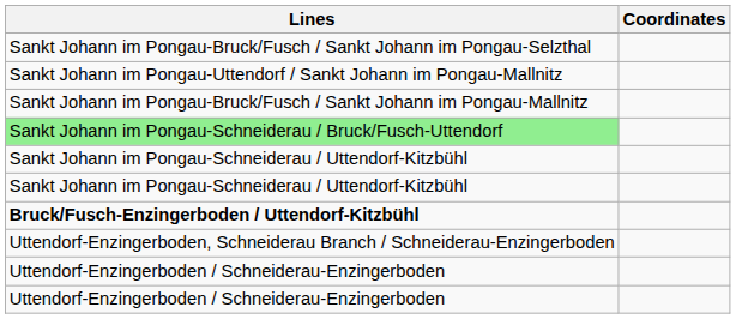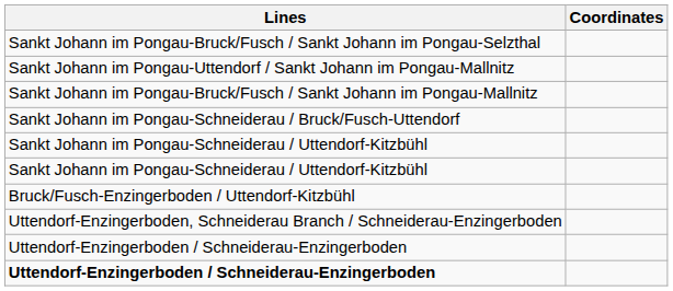 <table class="wikitable sortable">
 <tr>
 <th>Lines</th>
 <th>Coordinates</th>
 </tr>
 <tr>
 <td>Sankt Johann im Pongau-Bruck/Fusch / Sankt Johann im Pongau-Selzthal</td>
 <td></td>
 </tr>
 <tr>
 <td>Sankt Johann im Pongau-Uttendorf / Sankt Johann im Pongau-Mallnitz</td>
 <td></td>
 </tr>
 <tr>
 <td>Sankt Johann im Pongau-Bruck/Fusch / Sankt Johann im Pongau-Mallnitz</td>
 <td></td>
 </tr>
 <tr>
-<td style="background: lightgreen;">Sankt Johann im Pongau-Schneiderau / Bruck/Fusch-Uttendorf</td>
+<td>Sankt Johann im Pongau-Schneiderau / Bruck/Fusch-Uttendorf</td>
 <td></td>
 </tr>
 <tr>
 <td>Sankt Johann im Pongau-Schneiderau / Uttendorf-Kitzbühl</td>
 <td></td>
 </tr>
 <tr>
 <td>Sankt Johann im Pongau-Schneiderau / Uttendorf-Kitzbühl</td>
 <td></td>
 </tr>
 <tr>
-<td><strong>Bruck/Fusch-Enzingerboden / Uttendorf-Kitzbühl</strong></td>
+<td>Bruck/Fusch-Enzingerboden / Uttendorf-Kitzbühl</td>
 <td></td>
 </tr>
 <tr>
 <td>Uttendorf-Enzingerboden, Schneiderau Branch / Schneiderau-Enzingerboden</td>
 <td></td>
 </tr>
 <tr>
 <td>Uttendorf-Enzingerboden / Schneiderau-Enzingerboden</td>
 <td></td>
 </tr>
 <tr>
-<td>Uttendorf-Enzingerboden / Schneiderau-Enzingerboden</td>
+<td><strong>Uttendorf-Enzingerboden / Schneiderau-Enzingerboden</strong></td>
 <td></td>
 </tr>
 </table>
